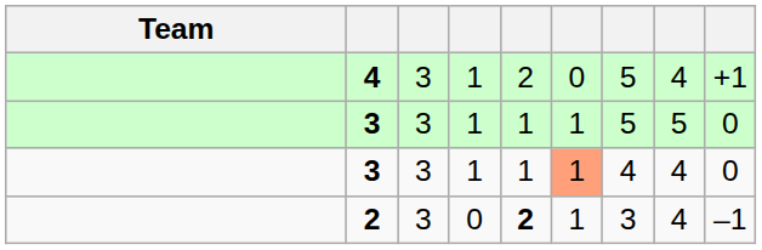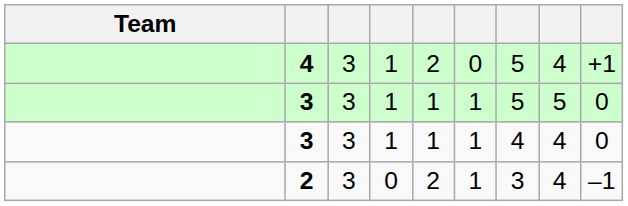 <table class="wikitable" style="text-align:center">
 <tr>
 <th width="175">Team</th>
 <th width="20"></th>
 <th width="20"></th>
 <th width="20"></th>
 <th width="20"></th>
 <th width="20"></th>
 <th width="20"></th>
 <th width="20"></th>
 <th width="20"></th>
 </tr>
 <tr bgcolor=#CCFFCC>
 <td align=left></td>
 <td><strong>4</strong></td>
 <td>3</td>
 <td>1</td>
 <td>2</td>
 <td>0</td>
 <td>5</td>
 <td>4</td>
 <td>+1</td>
 </tr>
 <tr bgcolor=#CCFFCC>
 <td align=left></td>
 <td><strong>3</strong></td>
 <td>3</td>
 <td>1</td>
 <td>1</td>
 <td>1</td>
 <td>5</td>
 <td>5</td>
 <td>0</td>
 </tr>
 <tr>
 <td align=left></td>
 <td><strong>3</strong></td>
 <td>3</td>
 <td>1</td>
 <td>1</td>
-<td style="background: lightsalmon;">1</td>
+<td>1</td>
 <td>4</td>
 <td>4</td>
 <td>0</td>
 </tr>
 <tr>
 <td align=left></td>
 <td><strong>2</strong></td>
 <td>3</td>
 <td>0</td>
-<td><strong>2</strong></td>
+<td>2</td>
 <td>1</td>
 <td>3</td>
 <td>4</td>
 <td>–1</td>
 </tr>
 </table>
